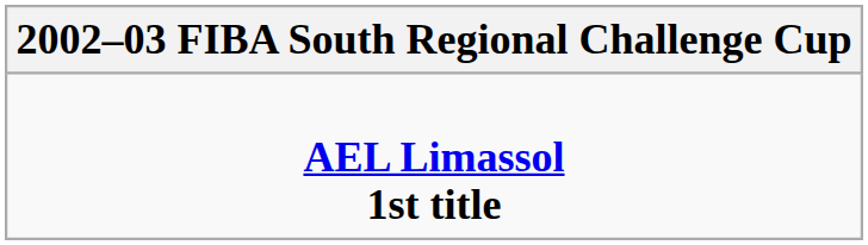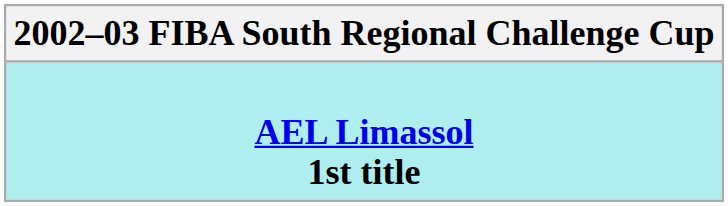 <table class=wikitable style="text-align:center; margin:auto">
 <tr>
 <th>2002–03 FIBA South Regional Challenge Cup</th>
 </tr>
 <tr>
-<td> <br> <strong><a href='#'>AEL Limassol</a> </strong> <br> <strong>1st title</strong></td>
+<td style="background: paleturquoise;"> <br> <strong><a href='#'>AEL Limassol</a> </strong> <br> <strong>1st title</strong></td>
 </tr>
 </table>
